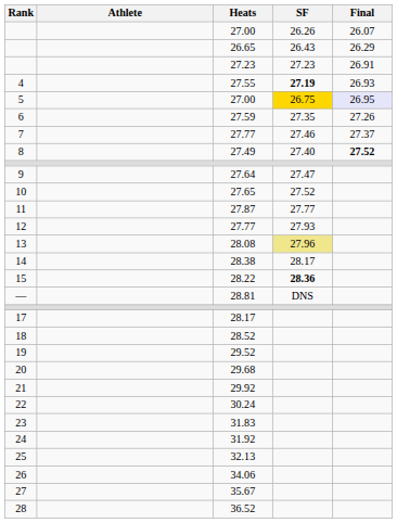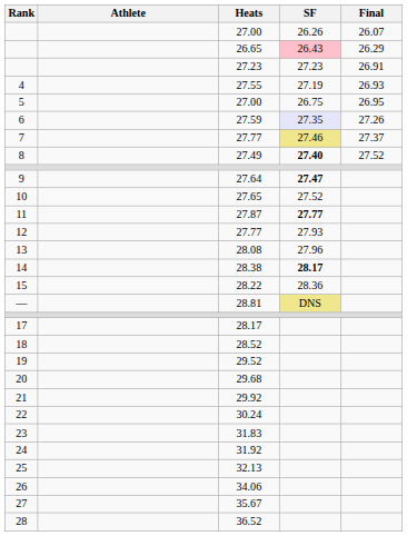 <table class=wikitable style="text-align:center">
 <tr>
 <th width=40>Rank</th>
 <th width=250>Athlete</th>
 <th width=80>Heats</th>
 <th width=80>SF</th>
 <th width=80>Final</th>
 </tr>
 <tr>
 <td></td>
 <td align=left></td>
 <td>27.00</td>
 <td>26.26</td>
 <td>26.07</td>
 </tr>
 <tr>
 <td></td>
 <td align=left></td>
 <td>26.65</td>
-<td>26.43</td>
+<td style="background: pink;">26.43</td>
 <td>26.29</td>
 </tr>
 <tr>
 <td></td>
 <td align=left></td>
 <td>27.23</td>
 <td>27.23</td>
 <td>26.91</td>
 </tr>
 <tr>
 <td>4</td>
 <td align=left></td>
 <td>27.55</td>
-<td><strong>27.19</strong></td>
+<td>27.19</td>
 <td>26.93</td>
 </tr>
 <tr>
 <td>5</td>
 <td align=left></td>
 <td>27.00</td>
-<td style="background: gold;">26.75</td>
-<td style="background: lavender;">26.95</td>
+<td>26.75</td>
+<td>26.95</td>
 </tr>
 <tr>
 <td>6</td>
 <td align=left></td>
 <td>27.59</td>
-<td>27.35</td>
+<td style="background: lavender;">27.35</td>
 <td>27.26</td>
 </tr>
 <tr>
 <td>7</td>
 <td align=left></td>
 <td>27.77</td>
-<td>27.46</td>
+<td style="background: khaki;">27.46</td>
 <td>27.37</td>
 </tr>
 <tr>
 <td>8</td>
 <td align=left></td>
 <td>27.49</td>
-<td>27.40</td>
-<td><strong>27.52</strong></td>
+<td><strong>27.40</strong></td>
+<td>27.52</td>
 </tr>
 <tr bgcolor=#DDDDDD>
 <td colspan=5></td>
 </tr>
 <tr>
 <td>9</td>
 <td align=left></td>
 <td>27.64</td>
-<td>27.47</td>
+<td><strong>27.47</strong></td>
 <td></td>
 </tr>
 <tr>
 <td>10</td>
 <td align=left></td>
 <td>27.65</td>
 <td>27.52</td>
 <td></td>
 </tr>
 <tr>
 <td>11</td>
 <td align=left></td>
 <td>27.87</td>
-<td>27.77</td>
+<td><strong>27.77</strong></td>
 <td></td>
 </tr>
 <tr>
 <td>12</td>
 <td align=left></td>
 <td>27.77</td>
 <td>27.93</td>
 <td></td>
 </tr>
 <tr>
 <td>13</td>
 <td align=left></td>
 <td>28.08</td>
-<td style="background: khaki;">27.96</td>
+<td>27.96</td>
 <td></td>
 </tr>
 <tr>
 <td>14</td>
 <td align=left></td>
 <td>28.38</td>
-<td>28.17</td>
+<td><strong>28.17</strong></td>
 <td></td>
 </tr>
 <tr>
 <td>15</td>
 <td align=left></td>
 <td>28.22</td>
-<td><strong>28.36</strong></td>
+<td>28.36</td>
 <td></td>
 </tr>
 <tr>
 <td>—</td>
 <td align=left></td>
 <td>28.81 </td>
-<td>DNS</td>
+<td style="background: khaki;">DNS</td>
 <td></td>
 </tr>
 <tr bgcolor=#DDDDDD>
 <td colspan=5></td>
 </tr>
 <tr>
 <td>17</td>
 <td align=left></td>
 <td>28.17 </td>
 <td></td>
 <td></td>
 </tr>
 <tr>
 <td>18</td>
 <td align=left></td>
 <td>28.52</td>
 <td></td>
 <td></td>
 </tr>
 <tr>
 <td>19</td>
 <td align=left></td>
 <td>29.52</td>
 <td></td>
 <td></td>
 </tr>
 <tr>
 <td>20</td>
 <td align=left></td>
 <td>29.68</td>
 <td></td>
 <td></td>
 </tr>
 <tr>
 <td>21</td>
 <td align=left></td>
 <td>29.92</td>
 <td></td>
 <td></td>
 </tr>
 <tr>
 <td>22</td>
 <td align=left></td>
 <td>30.24</td>
 <td></td>
 <td></td>
 </tr>
 <tr>
 <td>23</td>
 <td align=left></td>
 <td>31.83</td>
 <td></td>
 <td></td>
 </tr>
 <tr>
 <td>24</td>
 <td align=left></td>
 <td>31.92</td>
 <td></td>
 <td></td>
 </tr>
 <tr>
 <td>25</td>
 <td align=left></td>
 <td>32.13</td>
 <td></td>
 <td></td>
 </tr>
 <tr>
 <td>26</td>
 <td align=left></td>
 <td>34.06</td>
 <td></td>
 <td></td>
 </tr>
 <tr>
 <td>27</td>
 <td align=left></td>
 <td>35.67</td>
 <td></td>
 <td></td>
 </tr>
 <tr>
 <td>28</td>
 <td align=left></td>
 <td>36.52</td>
 <td></td>
 <td></td>
 </tr>
 </table>
